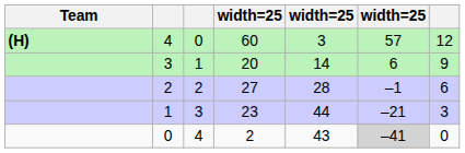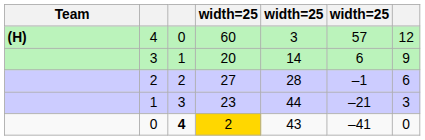 <table class="wikitable" style="text-align:center;">
 <tr>
 <th width=150>Team</th>
 <th style="width: 25px;"></th>
 <th style="width: 25px;"></th>
 <th>width=25</th>
 <th>width=25</th>
 <th>width=25</th>
 <th width=25></th>
 </tr>
 <tr style="background:#BBF3BB">
 <td style="text-align: left;"> <strong>(H)</strong></td>
 <td>4</td>
 <td>0</td>
 <td>60</td>
 <td>3</td>
 <td>57</td>
 <td>12</td>
 </tr>
 <tr style="background:#BBF3BB">
 <td style="text-align: left;"></td>
 <td>3</td>
 <td>1</td>
 <td>20</td>
 <td>14</td>
 <td>6</td>
 <td>9</td>
 </tr>
 <tr style="background:#CCF">
 <td style="text-align: left;"></td>
 <td>2</td>
 <td>2</td>
 <td>27</td>
 <td>28</td>
 <td>–1</td>
 <td>6</td>
 </tr>
 <tr style="background:#CCF">
 <td style="text-align: left;"></td>
 <td>1</td>
 <td>3</td>
 <td>23</td>
 <td>44</td>
 <td>–21</td>
 <td>3</td>
 </tr>
 <tr>
 <td style="text-align: left;"></td>
 <td>0</td>
-<td>4</td>
-<td>2</td>
+<td><strong>4</strong></td>
+<td style="background: gold;">2</td>
 <td>43</td>
-<td style="background: lightgrey;">–41</td>
+<td>–41</td>
 <td>0</td>
 </tr>
 </table>
